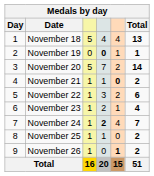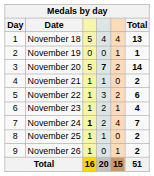 <table class="wikitable" style=font-size:85%;float:right;text-align:center>
 <tr>
 <th colspan=6>Medals by day</th>
 </tr>
 <tr>
 <th>Day</th>
 <th>Date</th>
 <td bgcolor=F7F6A8></td>
 <td bgcolor=DCE5E5></td>
 <td bgcolor=FFDAB9></td>
 <th>Total</th>
 </tr>
 <tr>
 <td>1</td>
 <td nowrap>November 18</td>
 <td bgcolor=F7F6A8>5</td>
 <td bgcolor=DCE5E5>4</td>
 <td bgcolor=FFDAB9>4</td>
 <td><strong>13</strong></td>
 </tr>
 <tr>
 <td>2</td>
 <td>November 19</td>
 <td bgcolor=F7F6A8>0</td>
-<td bgcolor=DCE5E5><strong>0</strong></td>
+<td bgcolor=DCE5E5>0</td>
 <td bgcolor=FFDAB9>1</td>
 <td><strong>1</strong></td>
 </tr>
 <tr>
 <td>3</td>
 <td>November 20</td>
 <td bgcolor=F7F6A8>5</td>
-<td bgcolor=DCE5E5>7</td>
+<td bgcolor=DCE5E5><strong>7</strong></td>
 <td bgcolor=FFDAB9>2</td>
 <td><strong>14</strong></td>
 </tr>
 <tr>
 <td>4</td>
 <td>November 21</td>
 <td bgcolor=F7F6A8>1</td>
 <td bgcolor=DCE5E5>1</td>
-<td bgcolor=FFDAB9><strong>0</strong></td>
+<td bgcolor=FFDAB9>0</td>
 <td><strong>2</strong></td>
 </tr>
 <tr>
 <td>5</td>
 <td>November 22</td>
 <td bgcolor=F7F6A8>1</td>
 <td bgcolor=DCE5E5>3</td>
 <td bgcolor=FFDAB9>2</td>
 <td><strong>6</strong></td>
 </tr>
 <tr>
 <td>6</td>
 <td>November 23</td>
 <td bgcolor=F7F6A8>1</td>
 <td bgcolor=DCE5E5>2</td>
 <td bgcolor=FFDAB9>1</td>
 <td><strong>4</strong></td>
 </tr>
 <tr>
 <td>7</td>
 <td>November 24</td>
-<td bgcolor=F7F6A8>1</td>
-<td bgcolor=DCE5E5><strong>2</strong></td>
+<td bgcolor=F7F6A8><strong>1</strong></td>
+<td bgcolor=DCE5E5>2</td>
 <td bgcolor=FFDAB9>4</td>
 <td><strong>7</strong></td>
 </tr>
 <tr>
 <td>8</td>
 <td>November 25</td>
 <td bgcolor=F7F6A8>1</td>
 <td bgcolor=DCE5E5>1</td>
 <td bgcolor=FFDAB9>0</td>
 <td><strong>2</strong></td>
 </tr>
 <tr>
 <td>9</td>
 <td>November 26</td>
 <td bgcolor=F7F6A8>1</td>
 <td bgcolor=DCE5E5>0</td>
-<td bgcolor=FFDAB9><strong>1</strong></td>
+<td bgcolor=FFDAB9>1</td>
 <td><strong>2</strong></td>
 </tr>
 <tr>
 <th colspan=2>Total</th>
 <th style=background:gold>16</th>
 <th style=background:silver>20</th>
 <th style=background:#c96>15</th>
 <th>51</th>
 </tr>
 </table>
